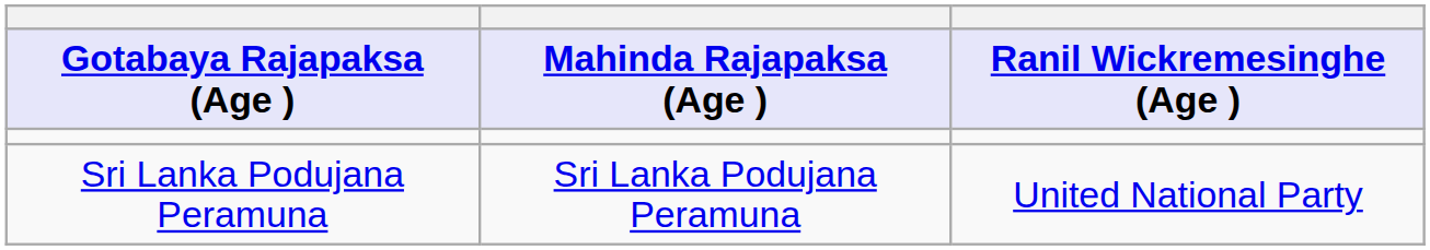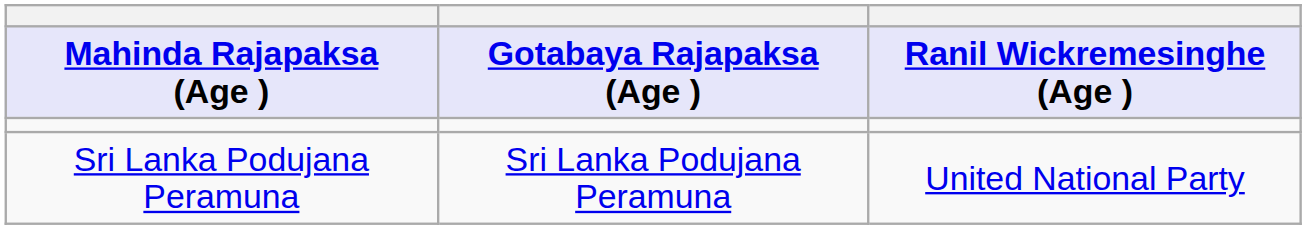 <table class=wikitable style="margin:1em auto; font-size:90%; text-align:center;">
 <tr>
 <th style="font-size:135%; width:175px; background:"><a href='#'></a></th>
 <th style="font-size:135%; width:175px; background:"><a href='#'></a></th>
 <th style="font-size:135%; width:175px; background:"><a href='#'></a></th>
 </tr>
 <tr>
+<th style="background:lavender;"><strong><a href='#'>Mahinda Rajapaksa</a></strong><br>(Age )</th>
 <th style="background:lavender;"><strong><a href='#'>Gotabaya Rajapaksa</a></strong><br>(Age )</th>
-<th style="background:lavender;"><strong><a href='#'>Mahinda Rajapaksa</a></strong><br>(Age )</th>
 <th style="background:lavender;"><strong><a href='#'>Ranil Wickremesinghe</a></strong><br>(Age )</th>
 </tr>
 <tr>
 <td></td>
 <td></td>
 <td></td>
 </tr>
 <tr>
 <td><a href='#'>Sri Lanka Podujana Peramuna</a><br></td>
 <td><a href='#'>Sri Lanka Podujana Peramuna</a><br></td>
 <td><a href='#'>United National Party</a><br></td>
 </tr>
 </table>
